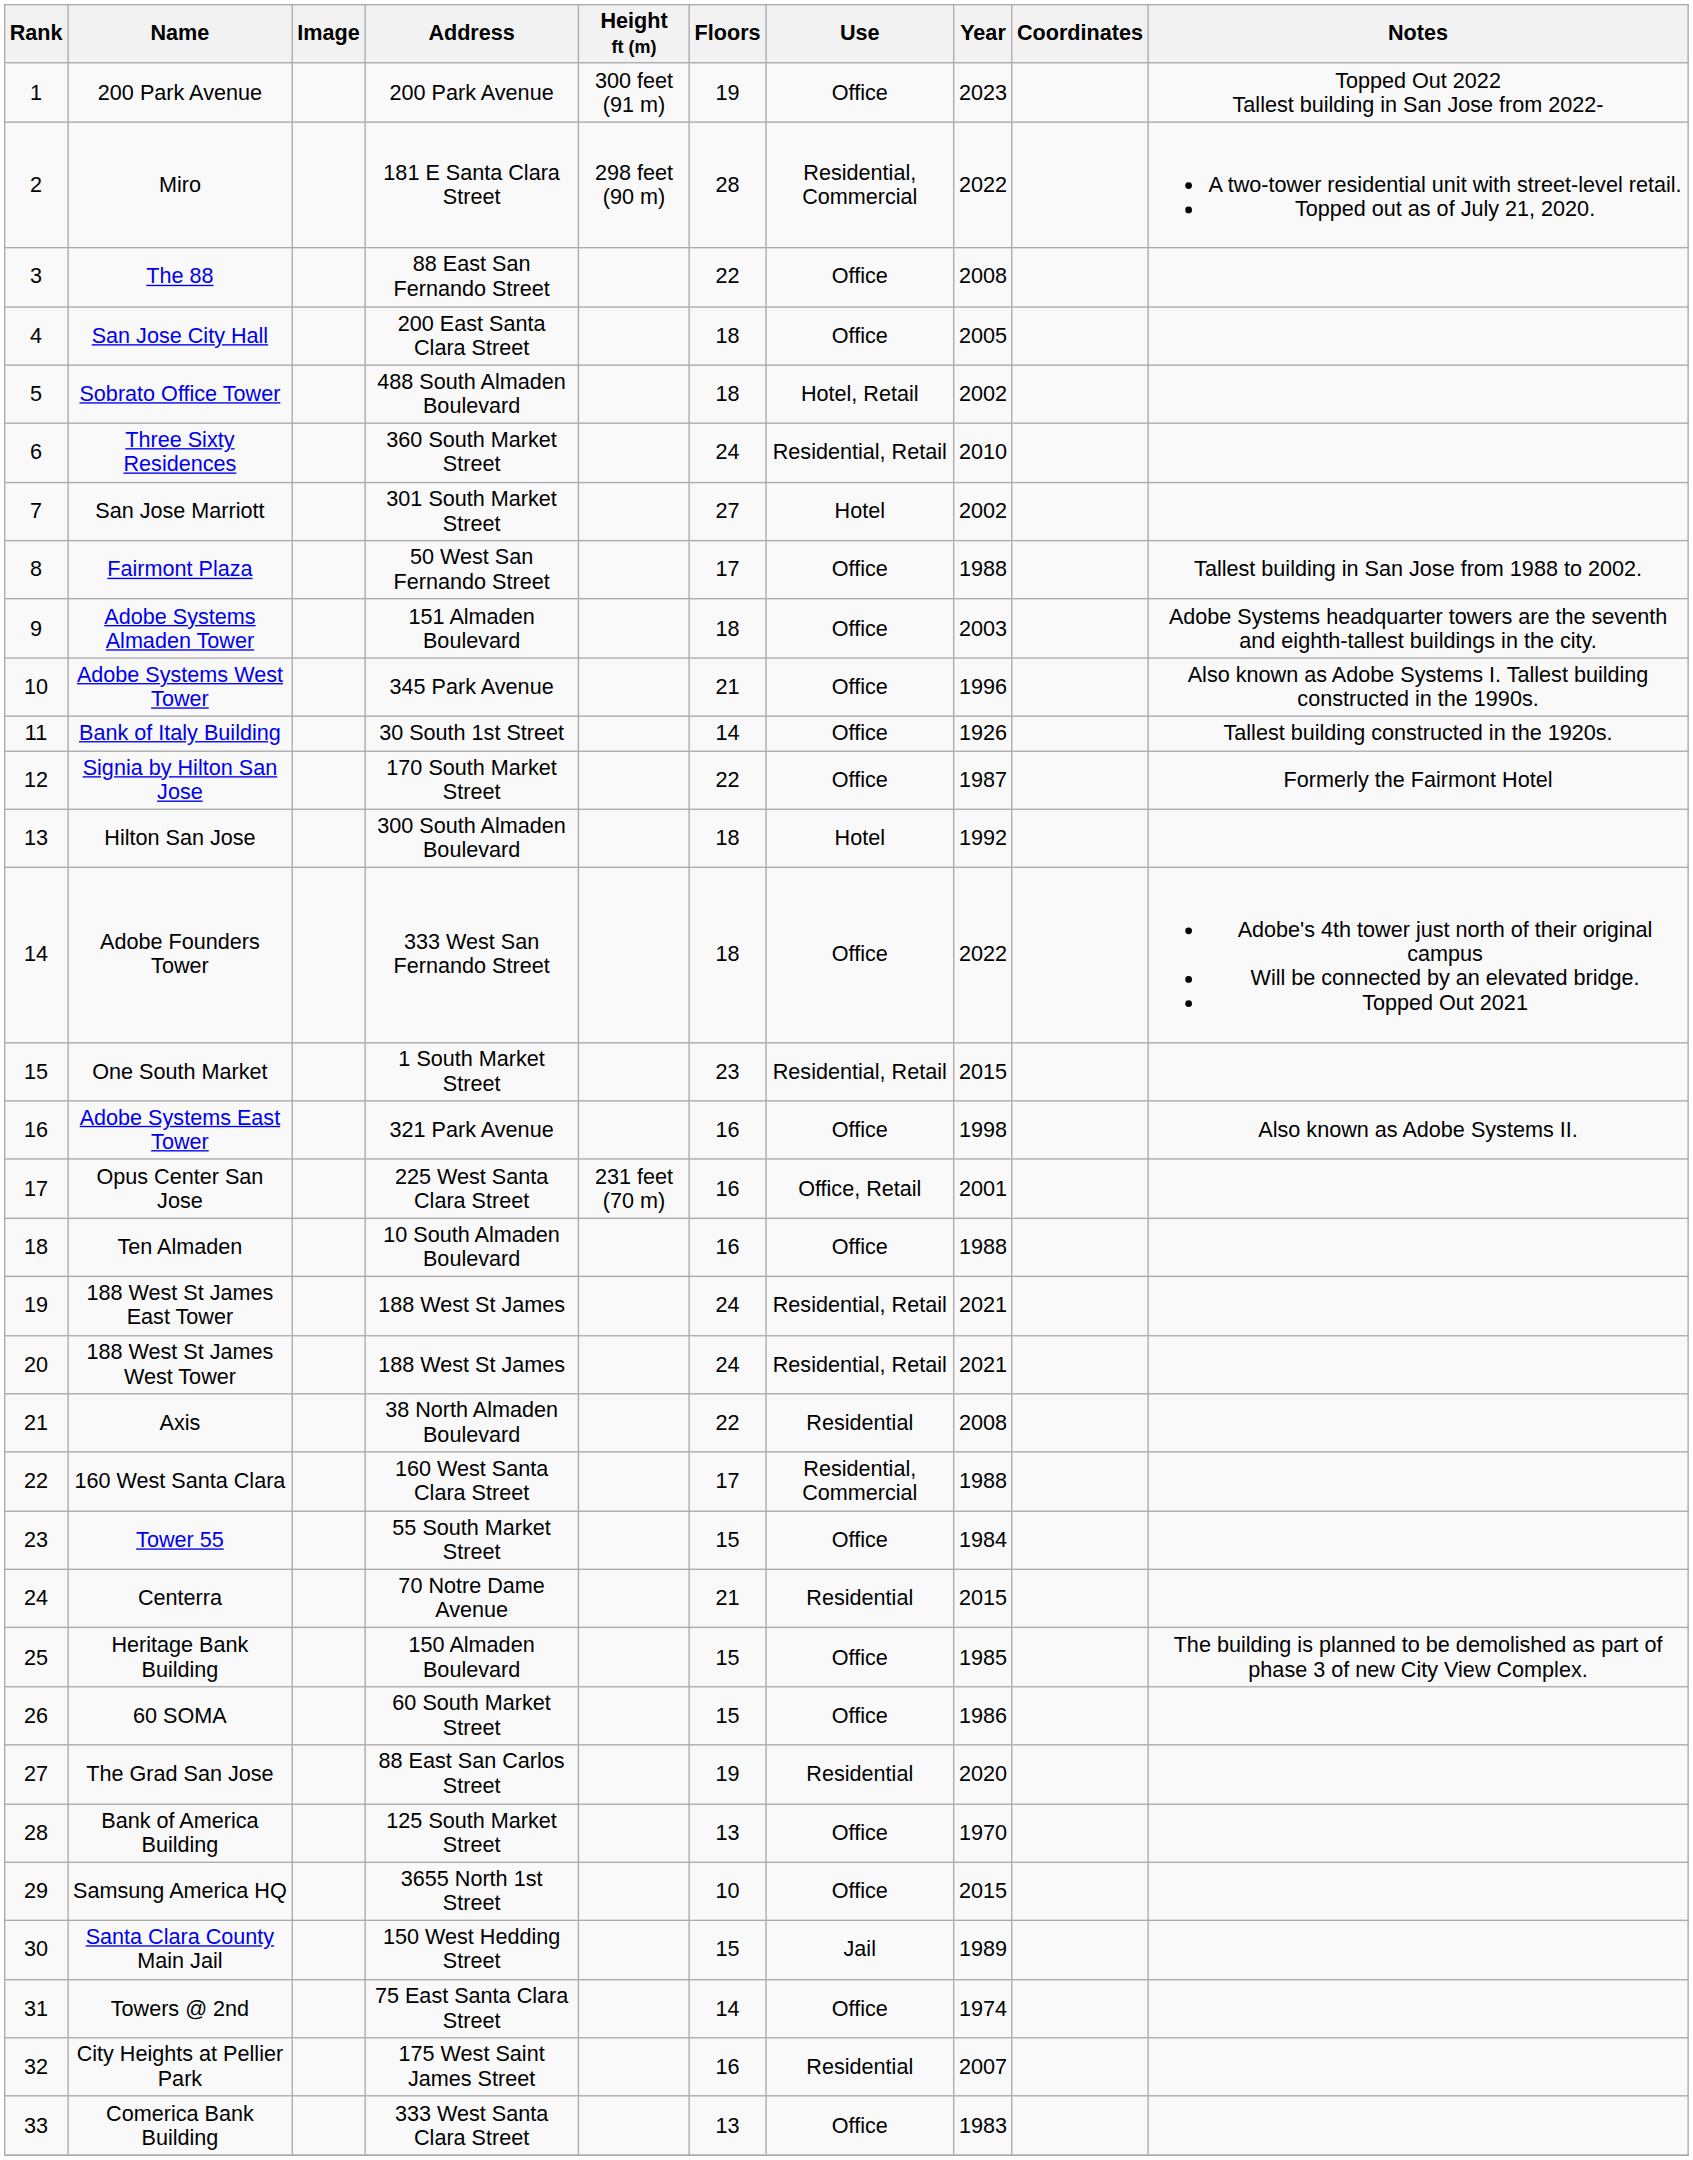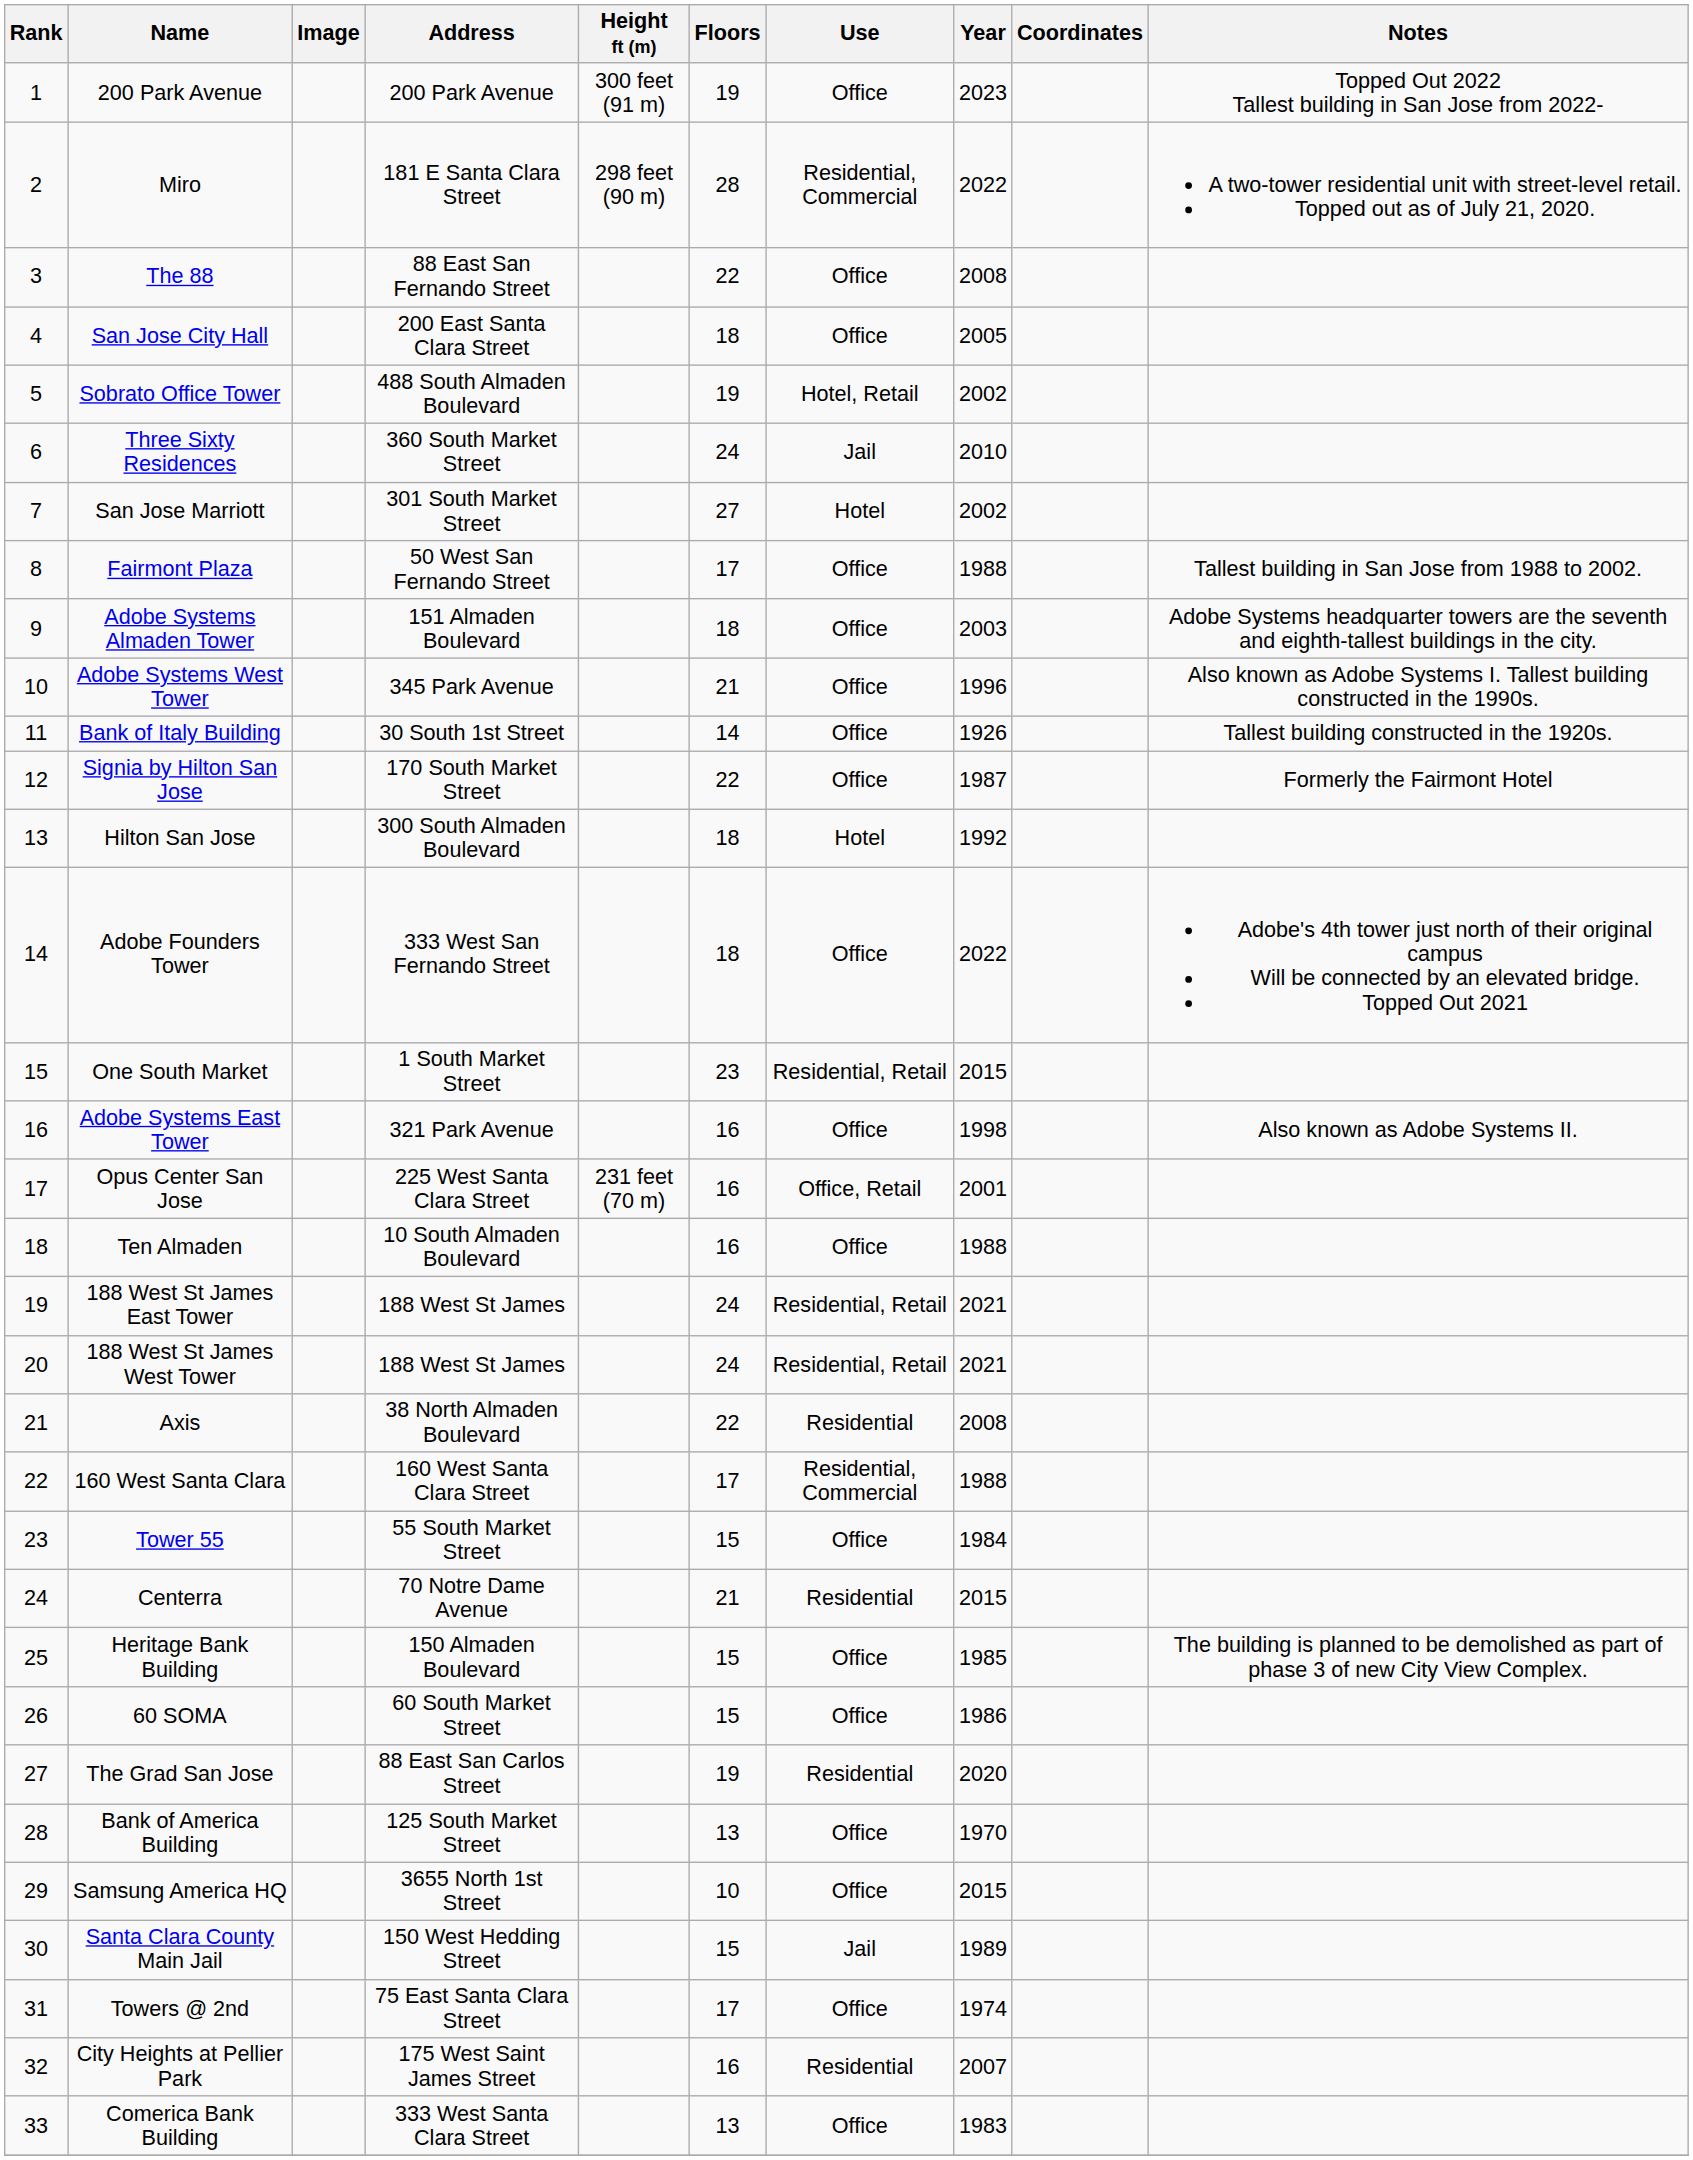 <table class="wikitable sortable" style="text-align: center">
 <tr>
 <th>Rank</th>
 <th>Name</th>
 <th class="unsortable">Image</th>
 <th class="unsortable">Address</th>
 <th width="75px">Height<br><small>ft (m)</small></th>
 <th>Floors</th>
 <th>Use</th>
 <th>Year</th>
 <th>Coordinates</th>
 <th class="unsortable">Notes</th>
 </tr>
 <tr>
 <td>1</td>
 <td>200 Park Avenue</td>
 <td></td>
 <td>200 Park Avenue</td>
 <td>300 feet (91 m)</td>
 <td>19</td>
 <td>Office</td>
 <td>2023</td>
 <td></td>
 <td>Topped Out 2022<br>Tallest building in San Jose from 2022- </td>
 </tr>
 <tr>
 <td>2</td>
 <td>Miro</td>
 <td></td>
 <td>181 E Santa Clara Street</td>
 <td>298 feet<br>(90 m)</td>
 <td>28</td>
 <td>Residential, Commercial</td>
 <td>2022</td>
 <td></td>
 <td><br><ul><li>A two-tower residential unit with street-level retail.</li><li>Topped out as of July 21, 2020.</li></ul></td>
 </tr>
 <tr>
 <td>3</td>
 <td><a href='#'>The 88</a></td>
 <td></td>
 <td>88 East San Fernando Street</td>
 <td></td>
 <td>22</td>
 <td>Office</td>
 <td>2008</td>
 <td></td>
 <td></td>
 </tr>
 <tr>
 <td>4</td>
 <td><a href='#'>San Jose City Hall</a></td>
 <td></td>
 <td>200 East Santa Clara Street</td>
 <td></td>
 <td>18</td>
 <td>Office</td>
 <td>2005</td>
 <td></td>
 <td></td>
 </tr>
 <tr>
 <td>5</td>
 <td><a href='#'>Sobrato Office Tower</a></td>
 <td></td>
 <td>488 South Almaden Boulevard</td>
 <td></td>
-<td>18</td>
+<td>19</td>
 <td>Hotel, Retail</td>
 <td>2002</td>
 <td></td>
 <td></td>
 </tr>
 <tr>
 <td>6</td>
 <td><a href='#'>Three Sixty Residences</a></td>
 <td></td>
 <td>360 South Market Street</td>
 <td></td>
 <td>24</td>
-<td>Residential, Retail</td>
+<td>Jail</td>
 <td>2010</td>
 <td></td>
 <td></td>
 </tr>
 <tr>
 <td>7</td>
 <td>San Jose Marriott</td>
 <td></td>
 <td>301 South Market Street</td>
 <td></td>
 <td>27</td>
 <td>Hotel</td>
 <td>2002</td>
 <td></td>
 <td></td>
 </tr>
 <tr>
 <td>8</td>
 <td><a href='#'>Fairmont Plaza</a></td>
 <td></td>
 <td>50 West San Fernando Street</td>
 <td></td>
 <td>17</td>
 <td>Office</td>
 <td>1988</td>
 <td></td>
 <td>Tallest building in San Jose from 1988 to 2002.</td>
 </tr>
 <tr>
 <td>9</td>
 <td><a href='#'>Adobe Systems Almaden Tower</a></td>
 <td></td>
 <td>151 Almaden Boulevard</td>
 <td></td>
 <td>18</td>
 <td>Office</td>
 <td>2003</td>
 <td></td>
 <td>Adobe Systems headquarter towers are the seventh and eighth-tallest buildings in the city.</td>
 </tr>
 <tr>
 <td>10</td>
 <td><a href='#'>Adobe Systems West Tower</a></td>
 <td></td>
 <td>345 Park Avenue</td>
 <td></td>
 <td>21</td>
 <td>Office</td>
 <td>1996</td>
 <td></td>
 <td>Also known as Adobe Systems I. Tallest building constructed in the 1990s.</td>
 </tr>
 <tr>
 <td>11</td>
 <td><a href='#'>Bank of Italy Building</a></td>
 <td></td>
 <td>30 South 1st Street</td>
 <td></td>
 <td>14</td>
 <td>Office</td>
 <td>1926</td>
 <td></td>
 <td>Tallest building constructed in the 1920s.</td>
 </tr>
 <tr>
 <td>12</td>
 <td><a href='#'>Signia by Hilton San Jose</a></td>
 <td></td>
 <td>170 South Market Street</td>
 <td></td>
 <td>22</td>
 <td>Office</td>
 <td>1987</td>
 <td></td>
 <td>Formerly the Fairmont Hotel </td>
 </tr>
 <tr>
 <td>13</td>
 <td>Hilton San Jose</td>
 <td></td>
 <td>300 South Almaden Boulevard</td>
 <td></td>
 <td>18</td>
 <td>Hotel</td>
 <td>1992</td>
 <td></td>
 <td></td>
 </tr>
 <tr>
 <td>14</td>
 <td>Adobe Founders Tower</td>
 <td></td>
 <td>333 West San Fernando Street</td>
 <td></td>
 <td>18</td>
 <td>Office</td>
 <td>2022</td>
 <td></td>
 <td><br><ul><li>Adobe's 4th tower just north of their original campus</li><li>Will be connected by an elevated bridge.</li><li>Topped Out 2021</li></ul></td>
 </tr>
 <tr>
 <td>15</td>
 <td>One South Market</td>
 <td></td>
 <td>1 South Market Street</td>
 <td></td>
 <td>23</td>
 <td>Residential, Retail</td>
 <td>2015</td>
 <td></td>
 <td></td>
 </tr>
 <tr>
 <td>16</td>
 <td><a href='#'>Adobe Systems East Tower</a></td>
 <td></td>
 <td>321 Park Avenue</td>
 <td></td>
 <td>16</td>
 <td>Office</td>
 <td>1998</td>
 <td></td>
 <td>Also known as Adobe Systems II.</td>
 </tr>
 <tr>
 <td>17</td>
 <td>Opus Center San Jose</td>
 <td></td>
 <td>225 West Santa Clara Street</td>
 <td>231 feet<br>(70 m)</td>
 <td>16</td>
 <td>Office, Retail</td>
 <td>2001</td>
 <td></td>
 <td></td>
 </tr>
 <tr>
 <td>18</td>
 <td>Ten Almaden</td>
 <td></td>
 <td>10 South Almaden Boulevard</td>
 <td></td>
 <td>16</td>
 <td>Office</td>
 <td>1988</td>
 <td></td>
 <td></td>
 </tr>
 <tr>
 <td>19</td>
 <td>188 West St James East Tower</td>
 <td></td>
 <td>188 West St James</td>
 <td></td>
 <td>24</td>
 <td>Residential, Retail</td>
 <td>2021</td>
 <td></td>
 <td></td>
 </tr>
 <tr>
 <td>20</td>
 <td>188 West St James West Tower</td>
 <td></td>
 <td>188 West St James</td>
 <td></td>
 <td>24</td>
 <td>Residential, Retail</td>
 <td>2021</td>
 <td></td>
 <td></td>
 </tr>
 <tr>
 <td>21</td>
 <td>Axis</td>
 <td></td>
 <td>38 North Almaden Boulevard</td>
 <td></td>
 <td>22</td>
 <td>Residential</td>
 <td>2008</td>
 <td></td>
 <td></td>
 </tr>
 <tr>
 <td>22</td>
 <td>160 West Santa Clara</td>
 <td></td>
 <td>160 West Santa Clara Street</td>
 <td></td>
 <td>17</td>
 <td>Residential, Commercial</td>
 <td>1988</td>
 <td></td>
 <td></td>
 </tr>
 <tr>
 <td>23</td>
 <td><a href='#'>Tower 55</a></td>
 <td></td>
 <td>55 South Market Street</td>
 <td></td>
 <td>15</td>
 <td>Office</td>
 <td>1984</td>
 <td></td>
 <td></td>
 </tr>
 <tr>
 <td>24</td>
 <td>Centerra</td>
 <td></td>
 <td>70 Notre Dame Avenue</td>
 <td></td>
 <td>21</td>
 <td>Residential</td>
 <td>2015</td>
 <td></td>
 <td></td>
 </tr>
 <tr>
 <td>25</td>
 <td>Heritage Bank Building</td>
 <td></td>
 <td>150 Almaden Boulevard</td>
 <td></td>
 <td>15</td>
 <td>Office</td>
 <td>1985</td>
 <td></td>
 <td>The building is planned to be demolished as part of phase 3 of new City View Complex.</td>
 </tr>
 <tr>
 <td>26</td>
 <td>60 SOMA</td>
 <td></td>
 <td>60 South Market Street</td>
 <td></td>
 <td>15</td>
 <td>Office</td>
 <td>1986</td>
 <td></td>
 <td></td>
 </tr>
 <tr>
 <td>27</td>
 <td>The Grad San Jose</td>
 <td></td>
 <td>88 East San Carlos Street</td>
 <td></td>
 <td>19</td>
 <td>Residential</td>
 <td>2020</td>
 <td></td>
 <td></td>
 </tr>
 <tr>
 <td>28</td>
 <td>Bank of America Building</td>
 <td></td>
 <td>125 South Market Street</td>
 <td></td>
 <td>13</td>
 <td>Office</td>
 <td>1970</td>
 <td></td>
 <td></td>
 </tr>
 <tr>
 <td>29</td>
 <td>Samsung America  HQ</td>
 <td></td>
 <td>3655 North 1st Street</td>
 <td></td>
 <td>10</td>
 <td>Office</td>
 <td>2015</td>
 <td></td>
 <td></td>
 </tr>
 <tr>
 <td>30</td>
 <td><a href='#'>Santa Clara County</a> Main Jail</td>
 <td></td>
 <td>150 West Hedding Street</td>
 <td></td>
 <td>15</td>
 <td>Jail</td>
 <td>1989</td>
 <td></td>
 <td></td>
 </tr>
 <tr>
 <td>31</td>
 <td>Towers @ 2nd</td>
 <td></td>
 <td>75 East Santa Clara Street</td>
 <td></td>
-<td>14</td>
+<td>17</td>
 <td>Office</td>
 <td>1974</td>
 <td></td>
 <td></td>
 </tr>
 <tr>
 <td>32</td>
 <td>City Heights at Pellier Park</td>
 <td></td>
 <td>175 West Saint James Street</td>
 <td></td>
 <td>16</td>
 <td>Residential</td>
 <td>2007</td>
 <td></td>
 <td></td>
 </tr>
 <tr>
 <td>33</td>
 <td>Comerica Bank Building</td>
 <td></td>
 <td>333 West Santa Clara Street</td>
 <td></td>
 <td>13</td>
 <td>Office</td>
 <td>1983</td>
 <td></td>
 <td></td>
 </tr>
 <tr>
 </tr>
 </table>
